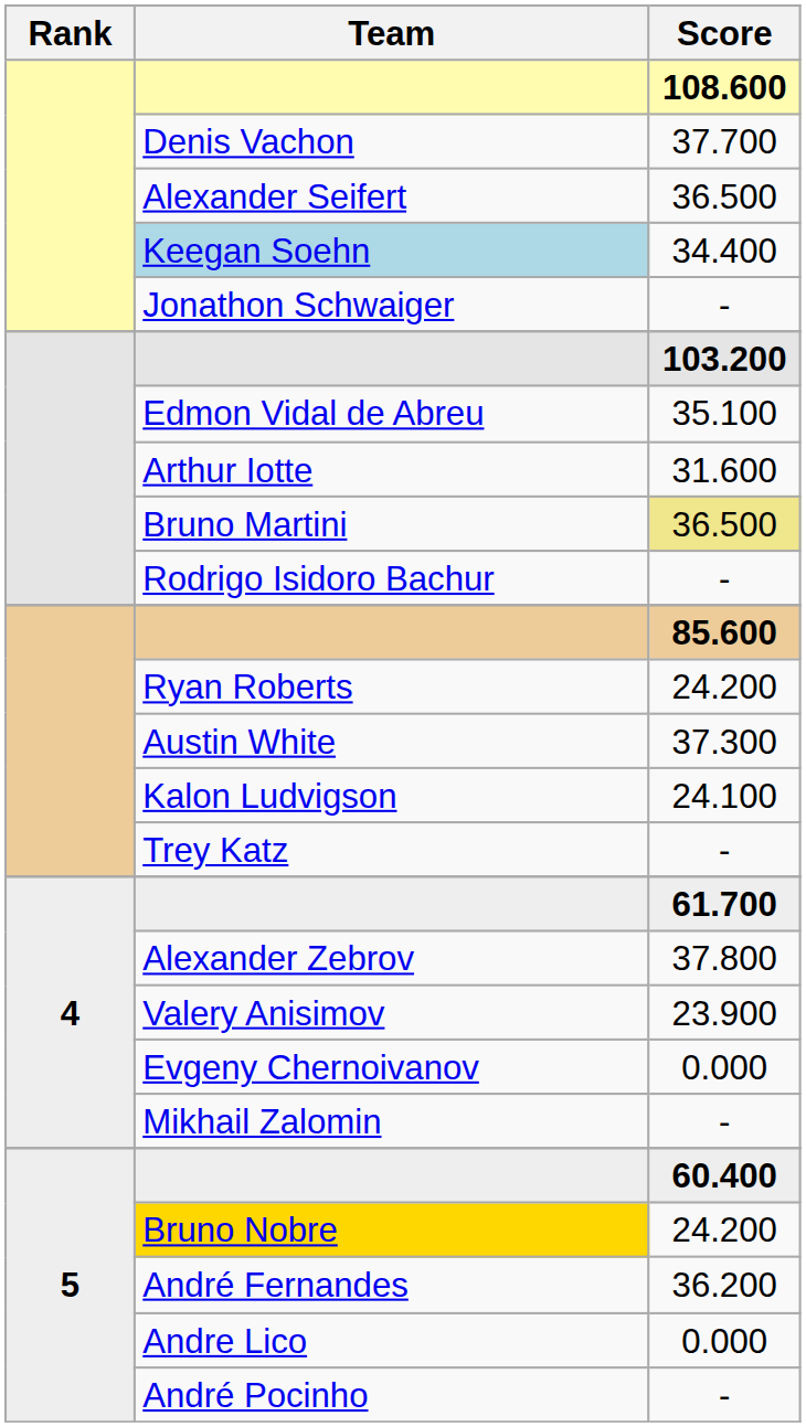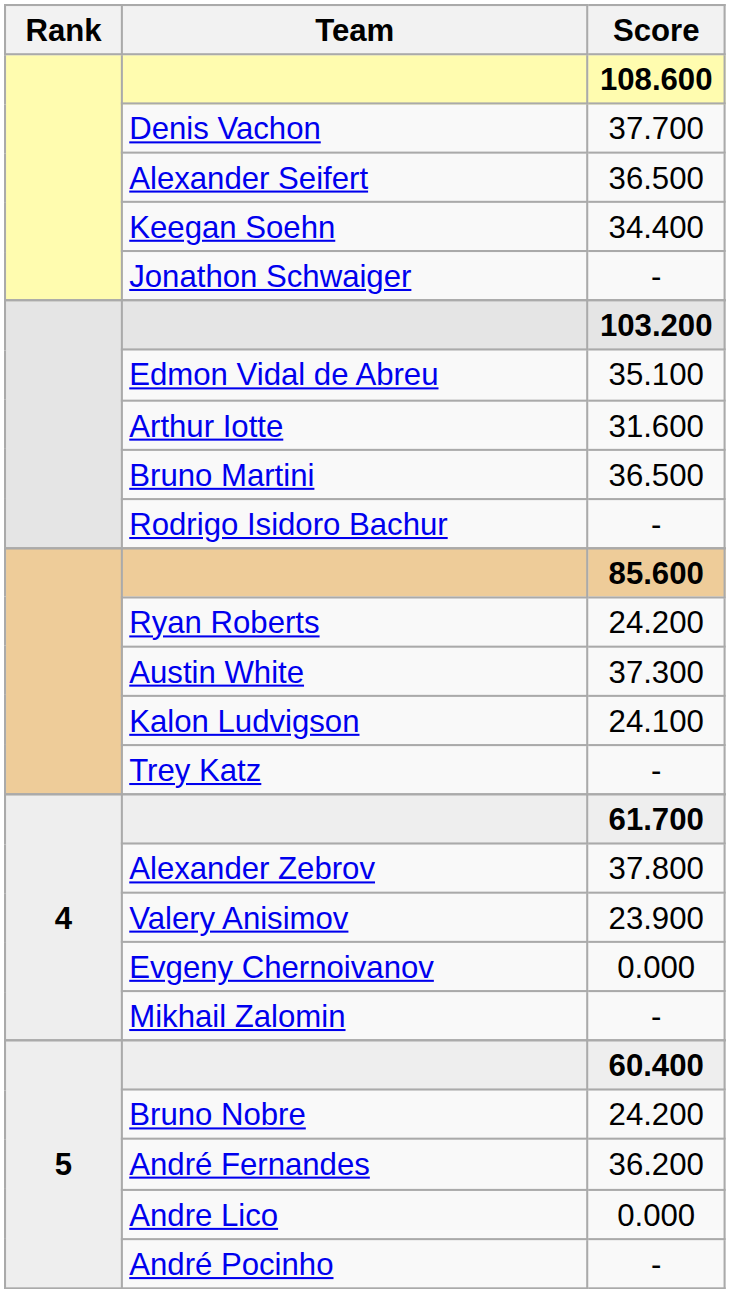 <table class="wikitable" style="text-align:center; font-size:95%">
 <tr>
 <th style="width:50px;">Rank</th>
 <th style="width:220px;">Team</th>
 <th style="width:60px;">Score</th>
 </tr>
 <tr style="background:#fffcaf;">
 <td rowspan=5></td>
 <td style="text-align:left;"><strong></strong></td>
 <td><strong>108.600</strong></td>
 </tr>
 <tr>
 <td style="text-align:left;"><a href='#'>Denis Vachon</a></td>
 <td>37.700</td>
 </tr>
 <tr>
 <td style="text-align:left;"><a href='#'>Alexander Seifert</a></td>
 <td>36.500</td>
 </tr>
 <tr>
-<td style="background: lightblue; text-align:left;"><a href='#'>Keegan Soehn</a></td>
+<td style="text-align:left;"><a href='#'>Keegan Soehn</a></td>
 <td>34.400</td>
 </tr>
 <tr>
 <td style="text-align:left;"><a href='#'>Jonathon Schwaiger</a></td>
 <td>-</td>
 </tr>
 <tr>
 </tr>
 <tr style="background:#e5e5e5;">
 <td rowspan=5></td>
 <td style="text-align:left;"><strong></strong></td>
 <td><strong>103.200</strong></td>
 </tr>
 <tr>
 <td style="text-align:left;"><a href='#'>Edmon Vidal de Abreu</a></td>
 <td>35.100</td>
 </tr>
 <tr>
 <td style="text-align:left;"><a href='#'>Arthur Iotte</a></td>
 <td>31.600</td>
 </tr>
 <tr>
 <td style="text-align:left;"><a href='#'>Bruno Martini</a></td>
-<td style="background: khaki;">36.500</td>
+<td>36.500</td>
 </tr>
 <tr>
 <td style="text-align:left;"><a href='#'>Rodrigo Isidoro Bachur</a></td>
 <td>-</td>
 </tr>
 <tr>
 </tr>
 <tr style="background:#ec9;">
 <td rowspan=5></td>
 <td style="text-align:left;"><strong></strong></td>
 <td><strong>85.600</strong></td>
 </tr>
 <tr>
 <td style="text-align:left;"><a href='#'>Ryan Roberts</a></td>
 <td>24.200</td>
 </tr>
 <tr>
 <td style="text-align:left;"><a href='#'>Austin White</a></td>
 <td>37.300</td>
 </tr>
 <tr>
 <td style="text-align:left;"><a href='#'>Kalon Ludvigson</a></td>
 <td>24.100</td>
 </tr>
 <tr>
 <td style="text-align:left;"><a href='#'>Trey Katz</a></td>
 <td>-</td>
 </tr>
 <tr>
 </tr>
 <tr style="background:#eee;">
 <td rowspan=5><strong>4</strong></td>
 <td style="text-align:left;"><strong></strong></td>
 <td><strong>61.700</strong></td>
 </tr>
 <tr>
 <td style="text-align:left;"><a href='#'>Alexander Zebrov</a></td>
 <td>37.800</td>
 </tr>
 <tr>
 <td style="text-align:left;"><a href='#'>Valery Anisimov</a></td>
 <td>23.900</td>
 </tr>
 <tr>
 <td style="text-align:left;"><a href='#'>Evgeny Chernoivanov</a></td>
 <td>0.000</td>
 </tr>
 <tr>
 <td style="text-align:left;"><a href='#'>Mikhail Zalomin</a></td>
 <td>-</td>
 </tr>
 <tr>
 </tr>
 <tr style="background:#eee;">
 <td rowspan=5><strong>5</strong></td>
 <td style="text-align:left;"><strong></strong></td>
 <td><strong>60.400</strong></td>
 </tr>
 <tr>
-<td style="background: gold; text-align:left;"><a href='#'>Bruno Nobre</a></td>
+<td style="text-align:left;"><a href='#'>Bruno Nobre</a></td>
 <td>24.200</td>
 </tr>
 <tr>
 <td style="text-align:left;"><a href='#'>André Fernandes</a></td>
 <td>36.200</td>
 </tr>
 <tr>
 <td style="text-align:left;"><a href='#'>Andre Lico</a></td>
 <td>0.000</td>
 </tr>
 <tr>
 <td style="text-align:left;"><a href='#'>André Pocinho</a></td>
 <td>-</td>
 </tr>
 </table>
